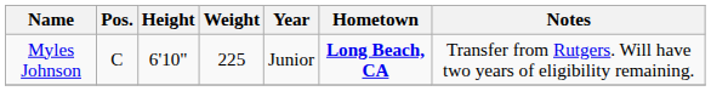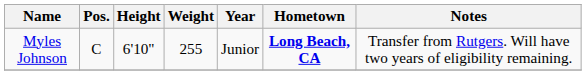 <table class="wikitable sortable sortable" style="text-align: center">
 <tr align=center>
 <th>Name</th>
 <th>Pos.</th>
 <th>Height</th>
 <th>Weight</th>
 <th>Year</th>
 <th>Hometown</th>
 <th>Notes</th>
 </tr>
 <tr>
 <td><a href='#'>Myles Johnson</a></td>
 <td>C</td>
 <td>6'10"</td>
-<td>225</td>
+<td>255</td>
 <td> Junior</td>
 <td><strong><a href='#'>Long Beach, CA</a></strong></td>
 <td>Transfer from <a href='#'>Rutgers</a>. Will have two years of eligibility remaining.</td>
 </tr>
 <tr>
 </tr>
 </table>
